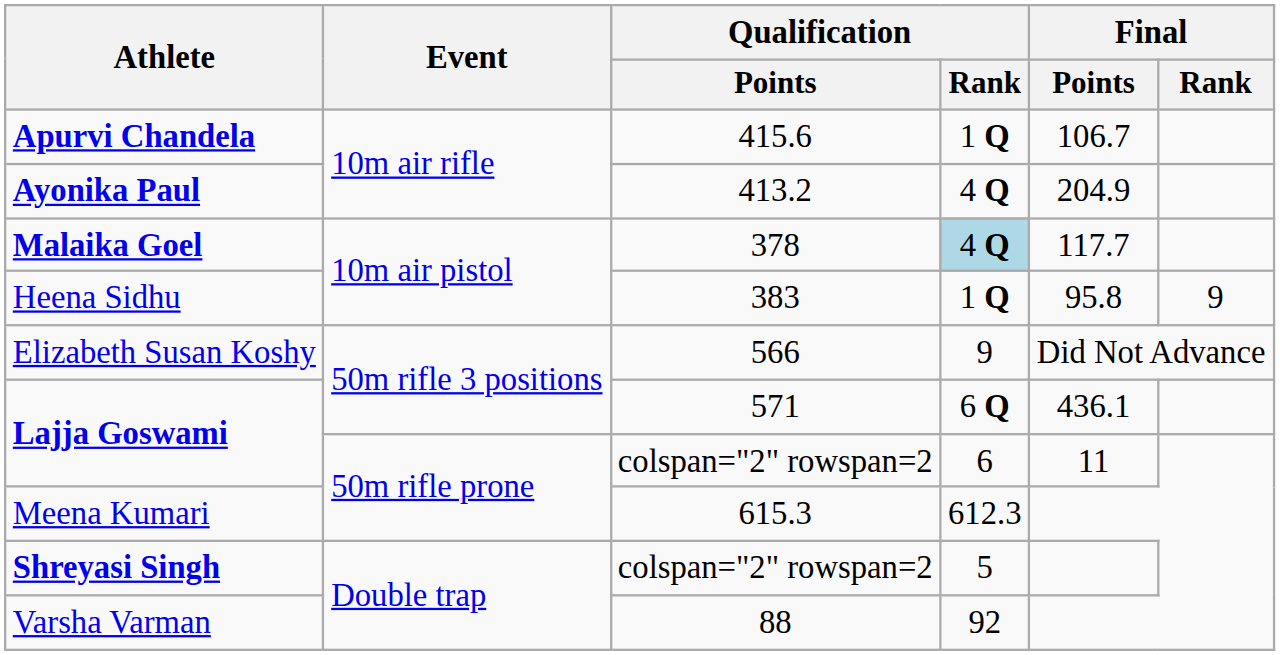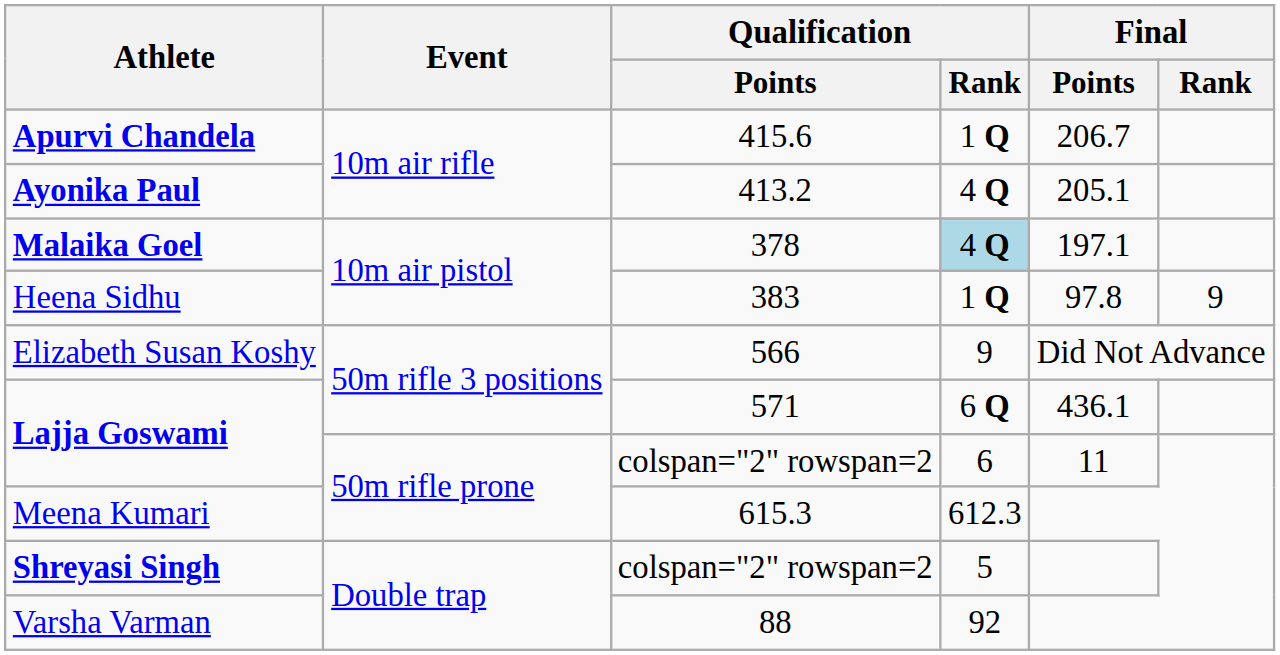 <table class=wikitable style="text-align:center; font-size:90%">
 <tr>
 <th rowspan=2>Athlete</th>
 <th rowspan=2>Event</th>
 <th colspan=2>Qualification</th>
 <th colspan=2>Final</th>
 </tr>
 <tr style="font-size:95%">
 <th>Points</th>
 <th>Rank</th>
 <th>Points</th>
 <th>Rank</th>
 </tr>
 <tr>
 <td align=left><strong><a href='#'>Apurvi Chandela</a></strong></td>
 <td align=left rowspan=2><a href='#'>10m air rifle</a></td>
 <td>415.6</td>
 <td>1 <strong>Q</strong></td>
-<td>106.7</td>
+<td>206.7</td>
 <td></td>
 </tr>
 <tr>
 <td align=left><strong><a href='#'>Ayonika Paul</a></strong></td>
 <td>413.2</td>
 <td>4 <strong>Q</strong></td>
-<td>204.9</td>
+<td>205.1</td>
 <td></td>
 </tr>
 <tr>
 <td align=left><strong><a href='#'>Malaika Goel</a></strong></td>
 <td align=left rowspan=2><a href='#'>10m air pistol</a></td>
 <td>378</td>
 <td style="background: lightblue;">4 <strong>Q</strong></td>
-<td>117.7</td>
+<td>197.1</td>
 <td></td>
 </tr>
 <tr>
 <td align=left><a href='#'>Heena Sidhu</a></td>
 <td>383</td>
 <td>1 <strong>Q</strong></td>
-<td>95.8</td>
+<td>97.8</td>
 <td>9</td>
 </tr>
 <tr>
 <td align=left><a href='#'>Elizabeth Susan Koshy</a></td>
 <td align=left rowspan=2><a href='#'>50m rifle 3 positions</a></td>
 <td>566</td>
 <td>9</td>
 <td colspan="2">Did Not Advance</td>
 </tr>
 <tr>
 <td align=left rowspan="2"><strong><a href='#'>Lajja Goswami</a></strong></td>
 <td>571</td>
 <td>6 <strong>Q</strong></td>
 <td>436.1</td>
 <td></td>
 </tr>
 <tr>
 <td align=left rowspan=2><a href='#'>50m rifle prone</a></td>
 <td>colspan="2" rowspan=2 </td>
 <td>6</td>
 <td>11</td>
 </tr>
 <tr>
 <td align=left><a href='#'>Meena Kumari</a></td>
 <td>615.3</td>
 <td>612.3</td>
 </tr>
 <tr>
 <td align=left><strong><a href='#'>Shreyasi Singh</a></strong></td>
 <td align=left rowspan=2><a href='#'>Double trap</a></td>
 <td>colspan="2" rowspan=2 </td>
 <td>5</td>
 <td></td>
 </tr>
 <tr>
 <td align=left><a href='#'>Varsha Varman</a></td>
 <td>88</td>
 <td>92</td>
 </tr>
 </table>
